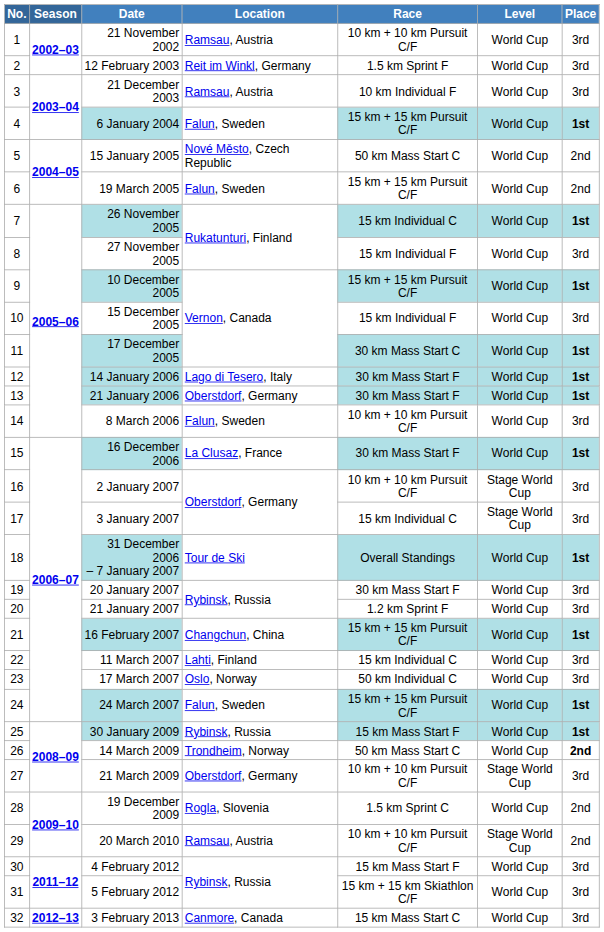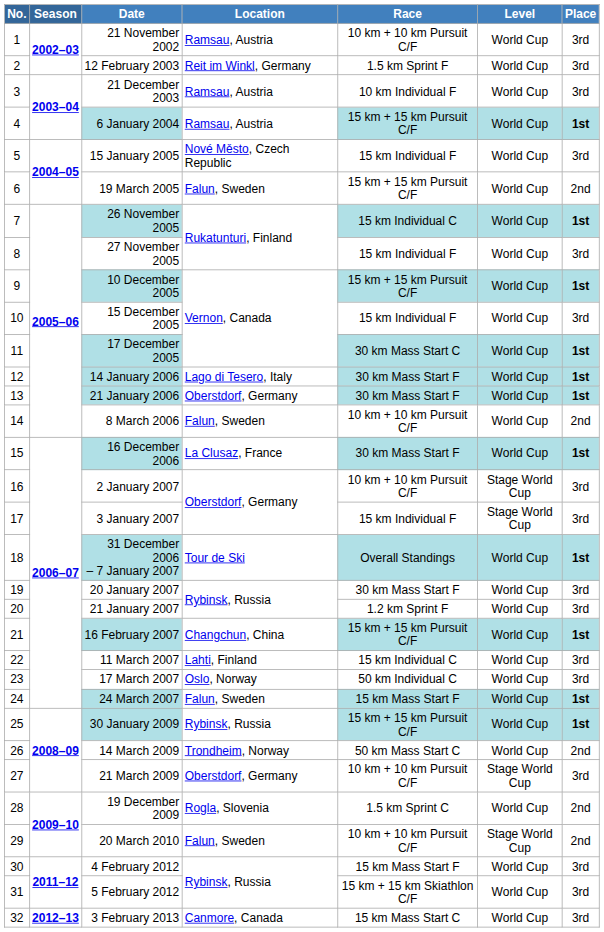 <table class="wikitable sortable" style="font-size:95%; text-align:center; border:grey solid 1px; border-collapse:collapse; background:#ffffff;">
 <tr style="background:#efefef;">
 <th style="background-color:#369; color:white;">No.</th>
 <th style="background-color:#369; color:white;">Season</th>
 <th style="background-color:#4180be; color:white; width:120px;">Date</th>
 <th style="background-color:#4180be; color:white; width:190px;">Location</th>
 <th style="background-color:#4180be; color:white; width:170px;">Race</th>
 <th style="background-color:#4180be; color:white; width:100px;">Level</th>
 <th style="background-color:#4180be; color:white;">Place</th>
 </tr>
 <tr>
 <td align=center>1</td>
 <td rowspan=2 align=center><strong><a href='#'>2002–03</a></strong></td>
 <td align=right>21 November 2002</td>
 <td align=left> <a href='#'>Ramsau</a>, Austria</td>
 <td>10 km + 10 km Pursuit C/F</td>
 <td>World Cup</td>
 <td>3rd</td>
 </tr>
 <tr>
 <td align=center>2</td>
 <td align=right>12 February 2003</td>
 <td align=left> <a href='#'>Reit im Winkl</a>, Germany</td>
 <td>1.5 km Sprint F</td>
 <td>World Cup</td>
 <td>3rd</td>
 </tr>
 <tr>
 <td align=center>3</td>
 <td rowspan=2 align=center><strong><a href='#'>2003–04</a></strong></td>
 <td align=right>21 December 2003</td>
 <td align=left> <a href='#'>Ramsau</a>, Austria</td>
 <td>10 km Individual F</td>
 <td>World Cup</td>
 <td>3rd</td>
 </tr>
 <tr>
 <td align=center>4</td>
 <td bgcolor="#BOEOE6" align=right>6 January 2004</td>
-<td align=left> <a href='#'>Falun</a>, Sweden</td>
+<td align=left> <a href='#'>Ramsau</a>, Austria</td>
 <td bgcolor="#BOEOE6">15 km + 15 km Pursuit C/F</td>
 <td bgcolor="#BOEOE6">World Cup</td>
 <td bgcolor="#BOEOE6"><strong>1st</strong></td>
 </tr>
 <tr>
 <td align=center>5</td>
 <td rowspan=2 align=center><strong><a href='#'>2004–05</a></strong></td>
 <td align=right>15 January 2005</td>
 <td align=left> <a href='#'>Nové Město</a>, Czech Republic</td>
-<td>50 km Mass Start C</td>
+<td>15 km Individual F</td>
 <td>World Cup</td>
-<td>2nd</td>
+<td>3rd</td>
 </tr>
 <tr>
 <td align=center>6</td>
 <td align=right>19 March 2005</td>
 <td align=left> <a href='#'>Falun</a>, Sweden</td>
 <td>15 km + 15 km Pursuit C/F</td>
 <td>World Cup</td>
 <td>2nd</td>
 </tr>
 <tr>
 <td align=center>7</td>
 <td rowspan=8 align=center><strong><a href='#'>2005–06</a></strong></td>
 <td bgcolor="#BOEOE6" align=right>26 November 2005</td>
 <td rowspan=2 align=left> <a href='#'>Rukatunturi</a>, Finland</td>
 <td bgcolor="#BOEOE6">15 km Individual C</td>
 <td bgcolor="#BOEOE6">World Cup</td>
 <td bgcolor="#BOEOE6"><strong>1st</strong></td>
 </tr>
 <tr>
 <td align=center>8</td>
 <td align=right>27 November 2005</td>
 <td>15 km Individual F</td>
 <td>World Cup</td>
 <td>3rd</td>
 </tr>
 <tr>
 <td align=center>9</td>
 <td bgcolor="#BOEOE6" align=right>10 December 2005</td>
 <td rowspan=3 align=left> <a href='#'>Vernon</a>, Canada</td>
 <td bgcolor="#BOEOE6">15 km + 15 km Pursuit C/F</td>
 <td bgcolor="#BOEOE6">World Cup</td>
 <td bgcolor="#BOEOE6"><strong>1st</strong></td>
 </tr>
 <tr>
 <td align=center>10</td>
 <td align=right>15 December 2005</td>
 <td>15 km Individual F</td>
 <td>World Cup</td>
 <td>3rd</td>
 </tr>
 <tr>
 <td align=center>11</td>
 <td bgcolor="#BOEOE6" align=right>17 December 2005</td>
 <td bgcolor="#BOEOE6">30 km Mass Start C</td>
 <td bgcolor="#BOEOE6">World Cup</td>
 <td bgcolor="#BOEOE6"><strong>1st</strong></td>
 </tr>
 <tr>
 <td align=center>12</td>
 <td bgcolor="#BOEOE6" align=right>14 January 2006</td>
 <td align=left> <a href='#'>Lago di Tesero</a>, Italy</td>
 <td bgcolor="#BOEOE6">30 km Mass Start F</td>
 <td bgcolor="#BOEOE6">World Cup</td>
 <td bgcolor="#BOEOE6"><strong>1st</strong></td>
 </tr>
 <tr>
 <td align=center>13</td>
 <td bgcolor="#BOEOE6" align=right>21 January 2006</td>
 <td align=left> <a href='#'>Oberstdorf</a>, Germany</td>
 <td bgcolor="#BOEOE6">30 km Mass Start F</td>
 <td bgcolor="#BOEOE6">World Cup</td>
 <td bgcolor="#BOEOE6"><strong>1st</strong></td>
 </tr>
 <tr>
 <td align=center>14</td>
 <td align=right>8 March 2006</td>
 <td align=left> <a href='#'>Falun</a>, Sweden</td>
 <td>10 km + 10 km Pursuit C/F</td>
 <td>World Cup</td>
-<td>3rd</td>
+<td>2nd</td>
 </tr>
 <tr>
 <td align=center>15</td>
 <td rowspan=10 align=center><strong><a href='#'>2006–07</a></strong></td>
 <td bgcolor="#BOEOE6" align=right>16 December 2006</td>
 <td align=left> <a href='#'>La Clusaz</a>, France</td>
 <td bgcolor="#BOEOE6">30 km Mass Start F</td>
 <td bgcolor="#BOEOE6">World Cup</td>
 <td bgcolor="#BOEOE6"><strong>1st</strong></td>
 </tr>
 <tr>
 <td align=center>16</td>
 <td align=right>2 January 2007</td>
 <td rowspan=2 align=left> <a href='#'>Oberstdorf</a>, Germany</td>
 <td>10 km + 10 km Pursuit C/F</td>
 <td>Stage World Cup</td>
 <td>3rd</td>
 </tr>
 <tr>
 <td align=center>17</td>
 <td align=right>3 January 2007</td>
-<td>15 km Individual C</td>
+<td>15 km Individual F</td>
 <td>Stage World Cup</td>
 <td>3rd</td>
 </tr>
 <tr>
 <td align=center>18</td>
 <td bgcolor="#BOEOE6" align=right>31 December 2006<br> – 7 January 2007</td>
 <td align=left> <a href='#'>Tour de Ski</a></td>
 <td bgcolor="#BOEOE6">Overall Standings</td>
 <td bgcolor="#BOEOE6">World Cup</td>
 <td bgcolor="#BOEOE6"><strong>1st</strong></td>
 </tr>
 <tr>
 <td align=center>19</td>
 <td align=right>20 January 2007</td>
 <td rowspan=2 align=left> <a href='#'>Rybinsk</a>, Russia</td>
 <td>30 km Mass Start F</td>
 <td>World Cup</td>
 <td>3rd</td>
 </tr>
 <tr>
 <td align=center>20</td>
 <td align=right>21 January 2007</td>
 <td>1.2 km Sprint F</td>
 <td>World Cup</td>
 <td>3rd</td>
 </tr>
 <tr>
 <td align=center>21</td>
 <td bgcolor="#BOEOE6" align=right>16 February 2007</td>
 <td align=left> <a href='#'>Changchun</a>, China</td>
 <td bgcolor="#BOEOE6">15 km + 15 km Pursuit C/F</td>
 <td bgcolor="#BOEOE6">World Cup</td>
 <td bgcolor="#BOEOE6"><strong>1st</strong></td>
 </tr>
 <tr>
 <td align=center>22</td>
 <td align=right>11 March 2007</td>
 <td align=left> <a href='#'>Lahti</a>, Finland</td>
 <td>15 km Individual C</td>
 <td>World Cup</td>
 <td>3rd</td>
 </tr>
 <tr>
 <td align=center>23</td>
 <td align=right>17 March 2007</td>
 <td align=left> <a href='#'>Oslo</a>, Norway</td>
 <td>50 km Individual C</td>
 <td>World Cup</td>
 <td>3rd</td>
 </tr>
 <tr>
 <td align=center>24</td>
 <td bgcolor="#BOEOE6" align=right>24 March 2007</td>
 <td align=left> <a href='#'>Falun</a>, Sweden</td>
-<td bgcolor="#BOEOE6">15 km + 15 km Pursuit C/F</td>
+<td bgcolor="#BOEOE6">15 km Mass Start F</td>
 <td bgcolor="#BOEOE6">World Cup</td>
 <td bgcolor="#BOEOE6"><strong>1st</strong></td>
 </tr>
 <tr>
 <td align=center>25</td>
 <td rowspan=3 align=center><strong><a href='#'>2008–09</a></strong></td>
 <td bgcolor="#BOEOE6" align=right>30 January 2009</td>
 <td align=left> <a href='#'>Rybinsk</a>, Russia</td>
-<td bgcolor="#BOEOE6">15 km Mass Start F</td>
+<td bgcolor="#BOEOE6">15 km + 15 km Pursuit C/F</td>
 <td bgcolor="#BOEOE6">World Cup</td>
 <td bgcolor="#BOEOE6"><strong>1st</strong></td>
 </tr>
 <tr>
 <td align=center>26</td>
 <td align=right>14 March 2009</td>
 <td align=left> <a href='#'>Trondheim</a>, Norway</td>
 <td>50 km Mass Start C</td>
 <td>World Cup</td>
-<td><strong>2nd</strong></td>
+<td>2nd</td>
 </tr>
 <tr>
 <td align=center>27</td>
 <td align=right>21 March 2009</td>
 <td align=left> <a href='#'>Oberstdorf</a>, Germany</td>
 <td>10 km + 10 km Pursuit C/F</td>
 <td>Stage World Cup</td>
 <td>3rd</td>
 </tr>
 <tr>
 <td align=center>28</td>
 <td rowspan=2 align=center><strong><a href='#'>2009–10</a></strong></td>
 <td align=right>19 December 2009</td>
 <td align=left> <a href='#'>Rogla</a>, Slovenia</td>
 <td>1.5 km Sprint C</td>
 <td>World Cup</td>
 <td>2nd</td>
 </tr>
 <tr>
 <td align=center>29</td>
 <td align=right>20 March 2010</td>
-<td align=left> <a href='#'>Ramsau</a>, Austria</td>
+<td align=left> <a href='#'>Falun</a>, Sweden</td>
 <td>10 km + 10 km Pursuit C/F</td>
 <td>Stage World Cup</td>
 <td>2nd</td>
 </tr>
 <tr>
 <td align=center>30</td>
 <td rowspan=2 align=center><strong><a href='#'>2011–12</a></strong></td>
 <td align=right>4 February 2012</td>
 <td rowspan=2 align=left> <a href='#'>Rybinsk</a>, Russia</td>
 <td>15 km Mass Start F</td>
 <td>World Cup</td>
 <td>3rd</td>
 </tr>
 <tr>
 <td align=center>31</td>
 <td align=right>5 February 2012</td>
 <td>15 km + 15 km Skiathlon C/F</td>
 <td>World Cup</td>
 <td>3rd</td>
 </tr>
 <tr>
 <td align=center>32</td>
 <td rowspan=1 align=center><strong><a href='#'>2012–13</a></strong></td>
 <td align=right>3 February 2013</td>
 <td align=left> <a href='#'>Canmore</a>, Canada</td>
 <td>15 km Mass Start C</td>
 <td>World Cup</td>
 <td>3rd</td>
 </tr>
 </table>
